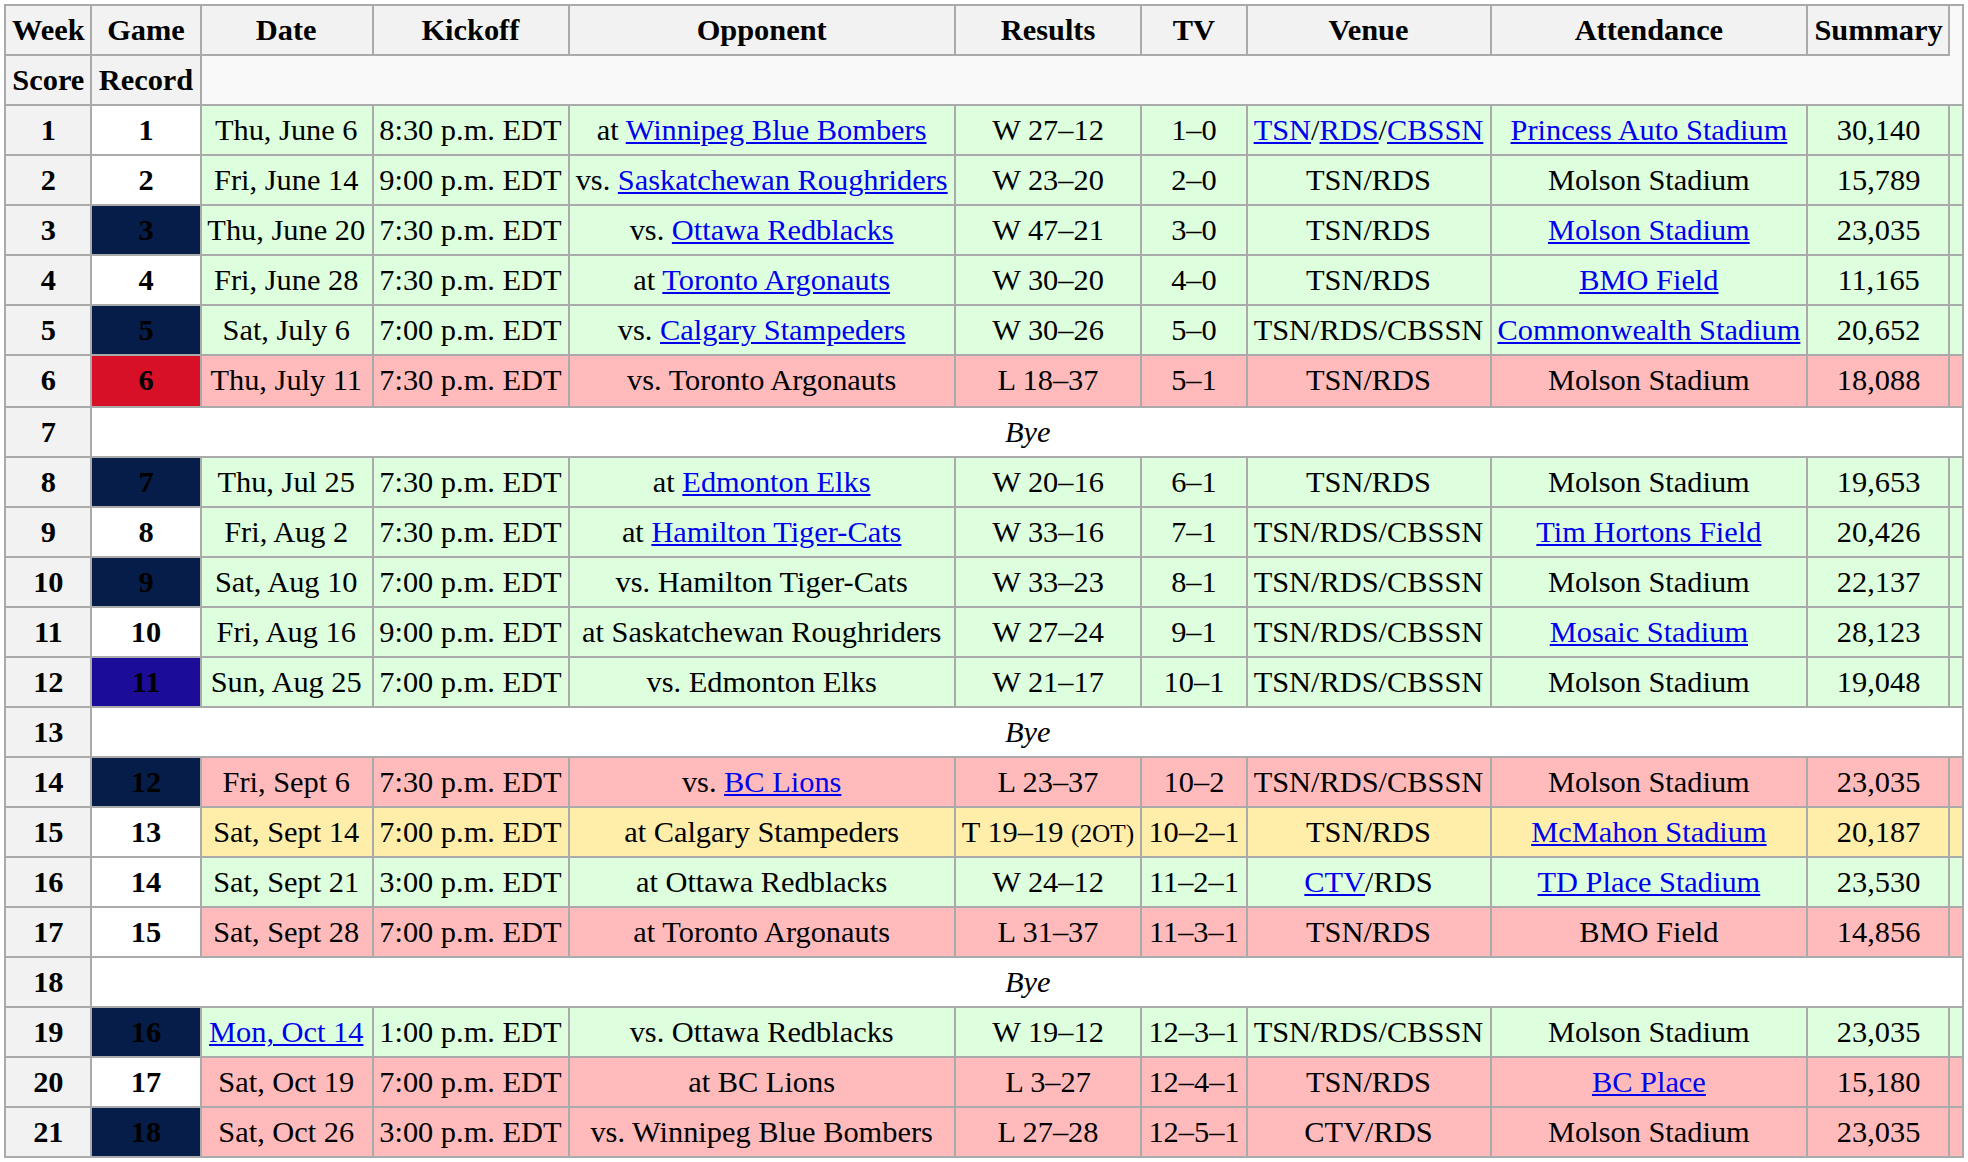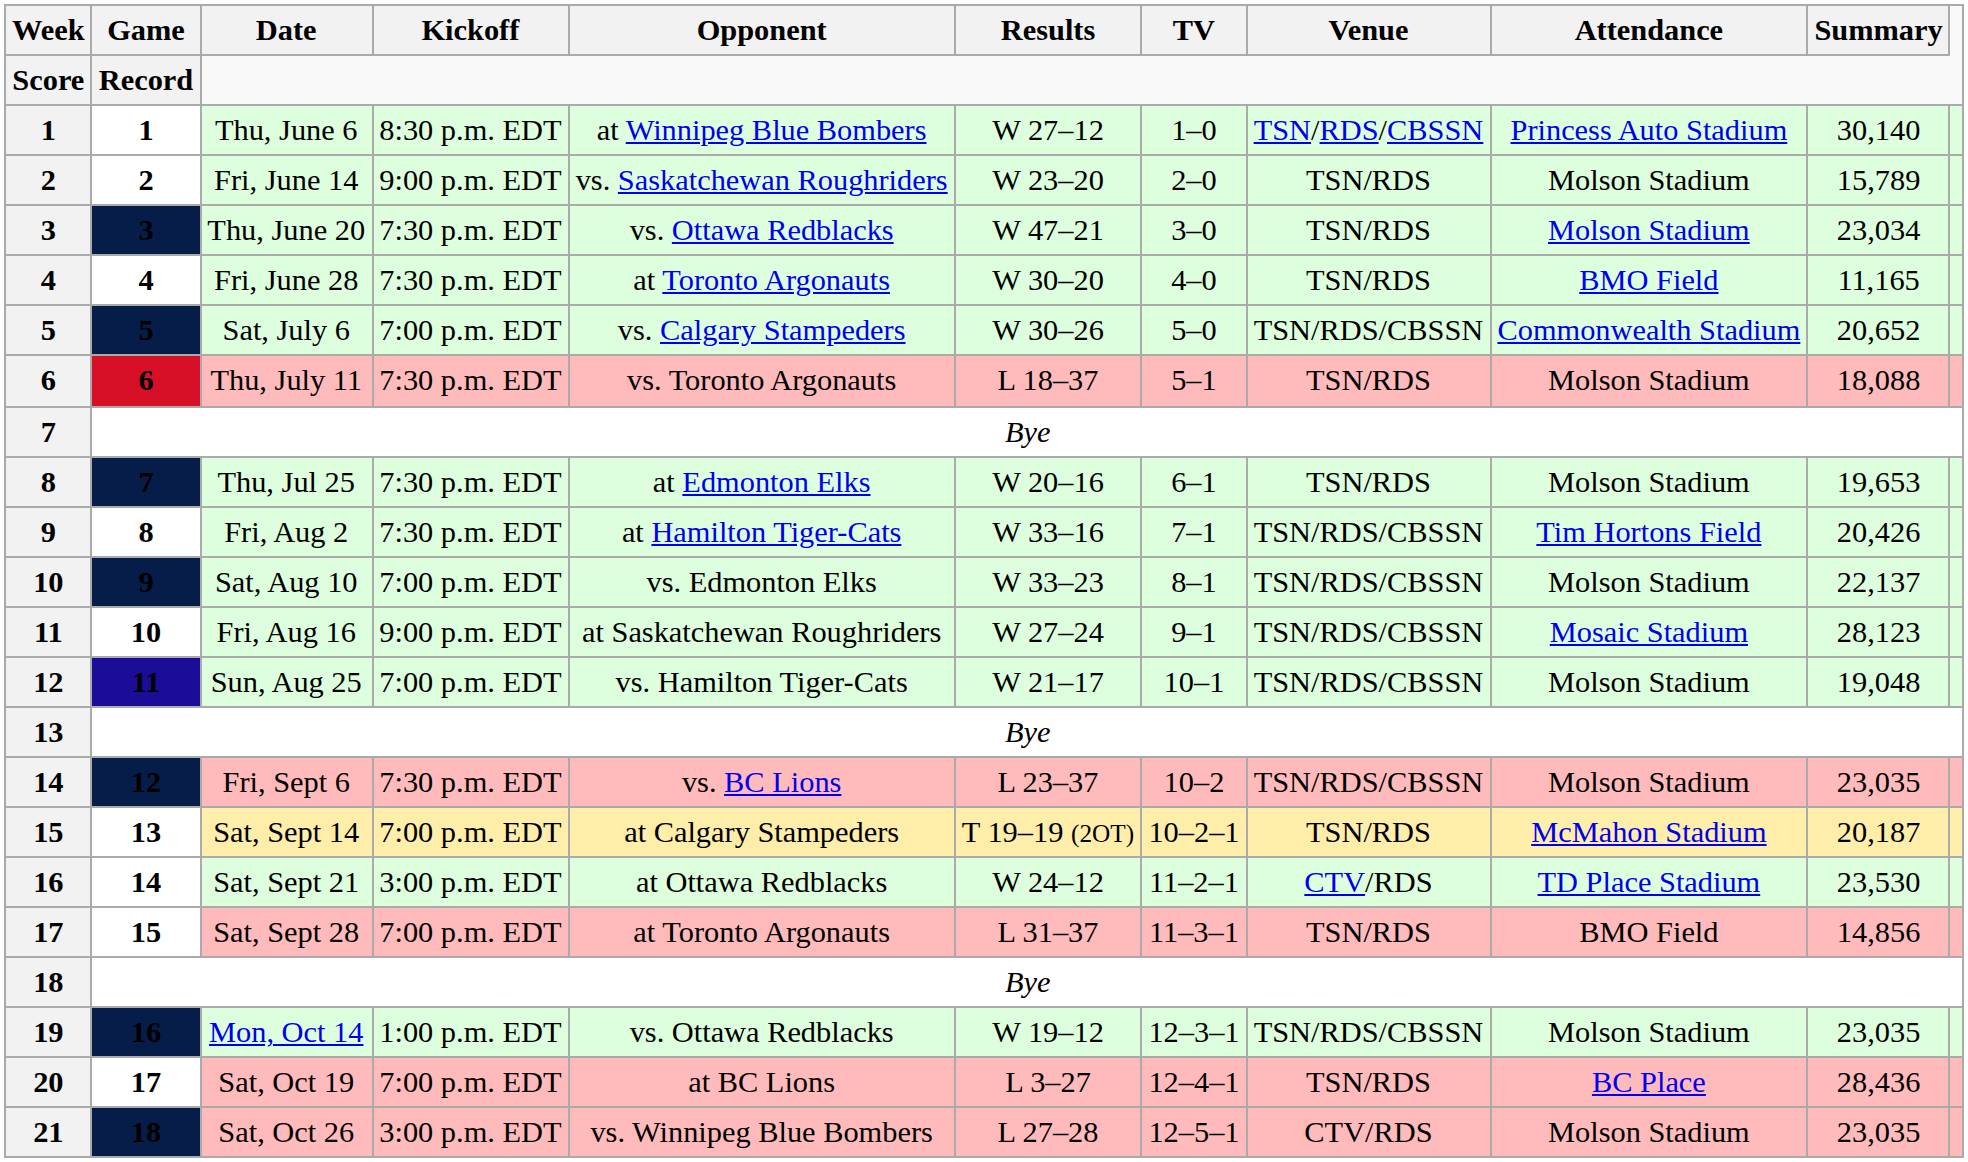 <table class="wikitable" style="font-size: 95%;">
 <tr>
 <th scope="col">Week</th>
 <th scope="col">Game</th>
 <th scope="col">Date</th>
 <th scope="col">Kickoff</th>
 <th scope="col">Opponent</th>
 <th scope="col">Results</th>
 <th scope="col">TV</th>
 <th scope="col">Venue</th>
 <th scope="col">Attendance</th>
 <th scope="col">Summary</th>
 </tr>
 <tr>
 <th scope="col">Score</th>
 <th scope="col">Record</th>
 </tr>
 <tr align="center"= bgcolor="ddffdd">
 <th align="center"><strong>1</strong></th>
 <th style="text-align:center; background:white;"><span><strong>1</strong></span></th>
 <td align="center">Thu, June 6</td>
 <td align="center">8:30 p.m. EDT</td>
 <td align="center">at <a href='#'>Winnipeg Blue Bombers</a></td>
 <td align="center">W 27–12</td>
 <td align="center">1–0</td>
 <td align="center"><a href='#'>TSN</a>/<a href='#'>RDS</a>/<a href='#'>CBSSN</a></td>
 <td align="center"><a href='#'>Princess Auto Stadium</a></td>
 <td align="center">30,140</td>
 <td align="center"></td>
 </tr>
 <tr align="center"= bgcolor="ddffdd">
 <th align="center"><strong>2</strong></th>
 <th style="text-align:center; background:white;"><span><strong>2</strong></span></th>
 <td align="center">Fri, June 14</td>
 <td align="center">9:00 p.m. EDT</td>
 <td align="center">vs. <a href='#'>Saskatchewan Roughriders</a></td>
 <td align="center">W 23–20</td>
 <td align="center">2–0</td>
 <td align="center">TSN/RDS</td>
 <td align="center">Molson Stadium</td>
 <td align="center">15,789</td>
 <td align="center"></td>
 </tr>
 <tr align="center"= bgcolor="ddffdd">
 <th align="center"><strong>3</strong></th>
 <th style="text-align:center; background:#071D49;"><span><strong>3</strong></span></th>
 <td align="center">Thu, June 20</td>
 <td align="center">7:30 p.m. EDT</td>
 <td align="center">vs. <a href='#'>Ottawa Redblacks</a></td>
 <td align="center">W 47–21</td>
 <td align="center">3–0</td>
 <td align="center">TSN/RDS</td>
 <td align="center"><a href='#'>Molson Stadium</a></td>
-<td align="center">23,035</td>
+<td align="center">23,034</td>
 <td align="center"></td>
 </tr>
 <tr align="center"= bgcolor="ddffdd">
 <th align="center"><strong>4</strong></th>
 <th style="text-align:center; background:white;"><span><strong>4</strong></span></th>
 <td align="center">Fri, June 28</td>
 <td align="center">7:30 p.m. EDT</td>
 <td align="center">at <a href='#'>Toronto Argonauts</a></td>
 <td align="center">W 30–20</td>
 <td align="center">4–0</td>
 <td align="center">TSN/RDS</td>
 <td align="center"><a href='#'>BMO Field</a></td>
 <td align="center">11,165</td>
 <td align="center"></td>
 </tr>
 <tr align="center"= bgcolor="ddffdd">
 <th align="center"><strong>5</strong></th>
 <th style="text-align:center; background:#071D49;"><span><strong>5</strong></span></th>
 <td align="center">Sat, July 6</td>
 <td align="center">7:00 p.m. EDT</td>
 <td align="center">vs. <a href='#'>Calgary Stampeders</a></td>
 <td align="center">W 30–26</td>
 <td align="center">5–0</td>
 <td align="center">TSN/RDS/CBSSN</td>
 <td align="center"><a href='#'>Commonwealth Stadium</a></td>
 <td align="center">20,652</td>
 <td align="center"></td>
 </tr>
 <tr align="center"= bgcolor="ffbbbb">
 <th align="center"><strong>6</strong></th>
 <th style="text-align:center; background:#D70F27;"><span><strong>6</strong></span></th>
 <td align="center">Thu, July 11</td>
 <td align="center">7:30 p.m. EDT</td>
 <td align="center">vs. Toronto Argonauts</td>
 <td align="center">L 18–37</td>
 <td align="center">5–1</td>
 <td align="center">TSN/RDS</td>
 <td align="center">Molson Stadium</td>
 <td align="center">18,088</td>
 <td align="center"></td>
 </tr>
 <tr align="center"= bgcolor="ffffff">
 <th align="center"><strong>7</strong></th>
 <td colspan=10 align="center" valign="middle"><em>Bye</em></td>
 </tr>
 <tr align="center"= bgcolor="ddffdd">
 <th align="center"><strong>8</strong></th>
 <th style="text-align:center; background:#071D49;"><span><strong>7</strong></span></th>
 <td align="center">Thu, Jul 25</td>
 <td align="center">7:30 p.m. EDT</td>
 <td align="center">at <a href='#'>Edmonton Elks</a></td>
 <td align="center">W 20–16</td>
 <td align="center">6–1</td>
 <td align="center">TSN/RDS</td>
 <td align="center">Molson Stadium</td>
 <td align="center">19,653</td>
 <td align="center"></td>
 </tr>
 <tr align="center"= bgcolor="ddffdd">
 <th align="center"><strong>9</strong></th>
 <th style="text-align:center; background:white;"><span><strong>8</strong></span></th>
 <td align="center">Fri, Aug 2</td>
 <td align="center">7:30 p.m. EDT</td>
 <td align="center">at <a href='#'>Hamilton Tiger-Cats</a></td>
 <td align="center">W 33–16</td>
 <td align="center">7–1</td>
 <td align="center">TSN/RDS/CBSSN</td>
 <td align="center"><a href='#'>Tim Hortons Field</a></td>
 <td align="center">20,426</td>
 <td align="center"></td>
 </tr>
 <tr align="center"= bgcolor="ddffdd">
 <th align="center"><strong>10</strong></th>
 <th style="text-align:center; background:#071D49;"><span><strong>9</strong></span></th>
 <td align="center">Sat, Aug 10</td>
 <td align="center">7:00 p.m. EDT</td>
-<td align="center">vs. Hamilton Tiger-Cats</td>
+<td align="center">vs. Edmonton Elks</td>
 <td align="center">W 33–23</td>
 <td align="center">8–1</td>
 <td align="center">TSN/RDS/CBSSN</td>
 <td align="center">Molson Stadium</td>
 <td align="center">22,137</td>
 <td align="center"></td>
 </tr>
 <tr align="center"= bgcolor="ddffdd">
 <th align="center"><strong>11</strong></th>
 <th style="text-align:center; background:white;"><span><strong>10</strong></span></th>
 <td align="center">Fri, Aug 16</td>
 <td align="center">9:00 p.m. EDT</td>
 <td align="center">at Saskatchewan Roughriders</td>
 <td align="center">W 27–24</td>
 <td align="center">9–1</td>
 <td align="center">TSN/RDS/CBSSN</td>
 <td align="center"><a href='#'>Mosaic Stadium</a></td>
 <td align="center">28,123</td>
 <td align="center"></td>
 </tr>
 <tr align="center"= bgcolor="ddffdd">
 <th align="center"><strong>12</strong></th>
 <th style="text-align:center; background:#1B0D97;"><span><strong>11</strong></span></th>
 <td align="center">Sun, Aug 25</td>
 <td align="center">7:00 p.m. EDT</td>
-<td align="center">vs. Edmonton Elks</td>
+<td align="center">vs. Hamilton Tiger-Cats</td>
 <td align="center">W 21–17</td>
 <td align="center">10–1</td>
 <td align="center">TSN/RDS/CBSSN</td>
 <td align="center">Molson Stadium</td>
 <td align="center">19,048</td>
 <td align="center"></td>
 </tr>
 <tr align="center"= bgcolor="ffffff">
 <th align="center"><strong>13</strong></th>
 <td colspan=10 align="center" valign="middle"><em>Bye</em></td>
 </tr>
 <tr align="center"= bgcolor="ffbbbb">
 <th align="center"><strong>14</strong></th>
 <th style="text-align:center; background:#071D49;"><span><strong>12</strong></span></th>
 <td align="center">Fri, Sept 6</td>
 <td align="center">7:30 p.m. EDT</td>
 <td align="center">vs. <a href='#'>BC Lions</a></td>
 <td align="center">L 23–37</td>
 <td align="center">10–2</td>
 <td align="center">TSN/RDS/CBSSN</td>
 <td align="center">Molson Stadium</td>
 <td align="center">23,035</td>
 <td align="center"></td>
 </tr>
 <tr align="center"= bgcolor="ffeeaa">
 <th align="center"><strong>15</strong></th>
 <th style="text-align:center; background:white;"><span><strong>13</strong></span></th>
 <td align="center">Sat, Sept 14</td>
 <td align="center">7:00 p.m. EDT</td>
 <td align="center">at Calgary Stampeders</td>
 <td align="center">T 19–19 <small>(2OT)</small></td>
 <td align="center">10–2–1</td>
 <td align="center">TSN/RDS</td>
 <td align="center"><a href='#'>McMahon Stadium</a></td>
 <td align="center">20,187</td>
 <td align="center"></td>
 </tr>
 <tr align="center"= bgcolor="ddffdd">
 <th align="center"><strong>16</strong></th>
 <th style="text-align:center; background:white;"><span><strong>14</strong></span></th>
 <td align="center">Sat, Sept 21</td>
 <td align="center">3:00 p.m. EDT</td>
 <td align="center">at Ottawa Redblacks</td>
 <td align="center">W 24–12</td>
 <td align="center">11–2–1</td>
 <td align="center"><a href='#'>CTV</a>/RDS</td>
 <td align="center"><a href='#'>TD Place Stadium</a></td>
 <td align="center">23,530</td>
 <td align="center"></td>
 </tr>
 <tr align="center"= bgcolor="ffbbbb">
 <th align="center"><strong>17</strong></th>
 <th style="text-align:center; background:white;"><span><strong>15</strong></span></th>
 <td align="center">Sat, Sept 28</td>
 <td align="center">7:00 p.m. EDT</td>
 <td align="center">at Toronto Argonauts</td>
 <td align="center">L 31–37</td>
 <td align="center">11–3–1</td>
 <td align="center">TSN/RDS</td>
 <td align="center">BMO Field</td>
 <td align="center">14,856</td>
 <td align="center"></td>
 </tr>
 <tr align="center"= bgcolor="ffffff">
 <th align="center"><strong>18</strong></th>
 <td colspan=10 align="center" valign="middle"><em>Bye</em></td>
 </tr>
 <tr align="center"= bgcolor="ddffdd">
 <th align="center"><strong>19</strong></th>
 <th style="text-align:center; background:#071D49;"><span><strong>16</strong></span></th>
 <td align="center"><a href='#'>Mon, Oct 14</a></td>
 <td align="center">1:00 p.m. EDT</td>
 <td align="center">vs. Ottawa Redblacks</td>
 <td align="center">W 19–12</td>
 <td align="center">12–3–1</td>
 <td align="center">TSN/RDS/CBSSN</td>
 <td align="center">Molson Stadium</td>
 <td align="center">23,035</td>
 <td align="center"></td>
 </tr>
 <tr align="center"= bgcolor="ffbbbb">
 <th align="center"><strong>20</strong></th>
 <th style="text-align:center; background:white;"><span><strong>17</strong></span></th>
 <td align="center">Sat, Oct 19</td>
 <td align="center">7:00 p.m. EDT</td>
 <td align="center">at BC Lions</td>
 <td align="center">L 3–27</td>
 <td align="center">12–4–1</td>
 <td align="center">TSN/RDS</td>
 <td align="center"><a href='#'>BC Place</a></td>
-<td align="center">15,180</td>
+<td align="center">28,436</td>
 <td align="center"></td>
 </tr>
 <tr align="center"= bgcolor="ffbbbb">
 <th align="center"><strong>21</strong></th>
 <th style="text-align:center; background:#071D49;"><span><strong>18</strong></span></th>
 <td align="center">Sat, Oct 26</td>
 <td align="center">3:00 p.m. EDT</td>
 <td align="center">vs. Winnipeg Blue Bombers</td>
 <td align="center">L 27–28</td>
 <td align="center">12–5–1</td>
 <td align="center">CTV/RDS</td>
 <td align="center">Molson Stadium</td>
 <td align="center">23,035</td>
 <td align="center"></td>
 </tr>
 </table>
